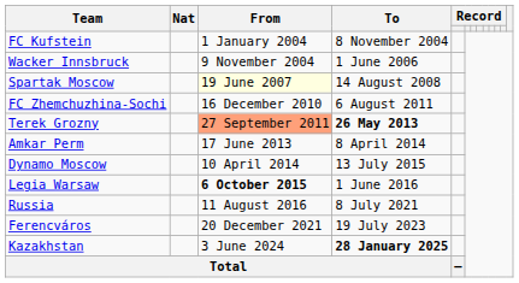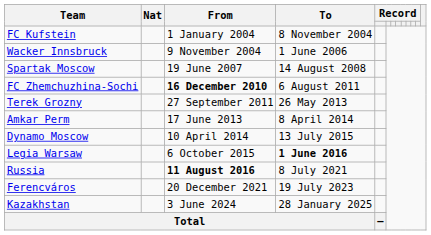 <table class="wikitable" style="text-align: center">
 <tr>
 <th rowspan="2">Team</th>
 <th rowspan="2">Nat</th>
 <th rowspan="2">From</th>
 <th rowspan="2">To</th>
 <th colspan="8">Record</th>
 <th rowspan=2></th>
 </tr>
 <tr>
 <th></th>
 <th></th>
 <th></th>
 <th></th>
 <th></th>
 <th></th>
 <th></th>
 <th></th>
 </tr>
 <tr>
 <td align="left"><a href='#'>FC Kufstein</a></td>
 <td></td>
 <td align=left>1 January 2004</td>
 <td align=left>8 November 2004<br></td>
 <td></td>
 </tr>
 <tr>
 <td align="left"><a href='#'>Wacker Innsbruck</a></td>
 <td></td>
 <td align=left>9 November 2004</td>
 <td align=left>1 June 2006<br></td>
 <td></td>
 </tr>
 <tr>
 <td align="left"><a href='#'>Spartak Moscow</a></td>
 <td></td>
-<td align=left style="background: lightyellow;">19 June 2007</td>
+<td align=left>19 June 2007</td>
 <td align=left>14 August 2008<br></td>
 <td></td>
 </tr>
 <tr>
 <td align="left"><a href='#'>FC Zhemchuzhina-Sochi</a></td>
 <td></td>
-<td align=left>16 December 2010</td>
+<td align=left><strong>16 December 2010</strong></td>
 <td align=left>6 August 2011<br></td>
 <td></td>
 </tr>
 <tr>
 <td align="left"><a href='#'>Terek Grozny</a></td>
 <td></td>
-<td align=left style="background: lightsalmon;">27 September 2011</td>
-<td align=left><strong>26 May 2013<br></strong></td>
+<td align=left>27 September 2011</td>
+<td align=left>26 May 2013<br></td>
 <td></td>
 </tr>
 <tr>
 <td align="left"><a href='#'>Amkar Perm</a></td>
 <td></td>
 <td align=left>17 June 2013</td>
 <td align=left>8 April 2014<br></td>
 <td></td>
 </tr>
 <tr>
 <td align="left"><a href='#'>Dynamo Moscow</a></td>
 <td></td>
 <td align=left>10 April 2014</td>
 <td align=left>13 July 2015<br></td>
 <td></td>
 </tr>
 <tr>
 <td align="left"><a href='#'>Legia Warsaw</a></td>
 <td></td>
-<td align=left><strong>6 October 2015</strong></td>
-<td align=left>1 June 2016<br></td>
+<td align=left>6 October 2015</td>
+<td align=left><strong>1 June 2016<br></strong></td>
 <td></td>
 </tr>
 <tr>
 <td align="left"><a href='#'>Russia</a></td>
 <td></td>
-<td align=left>11 August 2016</td>
+<td align=left><strong>11 August 2016</strong></td>
 <td align=left>8 July 2021<br></td>
 <td></td>
 </tr>
 <tr>
 <td align="left"><a href='#'>Ferencváros</a></td>
 <td></td>
 <td align=left>20 December 2021</td>
 <td align=left>19 July 2023<br></td>
 <td></td>
 </tr>
 <tr>
 <td align="left"><a href='#'>Kazakhstan</a></td>
 <td></td>
 <td align=left>3 June 2024</td>
-<td align=left><strong>28 January 2025<br></strong></td>
+<td align=left>28 January 2025<br></td>
 <td></td>
 </tr>
 <tr>
 <th colspan="4">Total<br></th>
 <th>—</th>
 </tr>
 </table>
